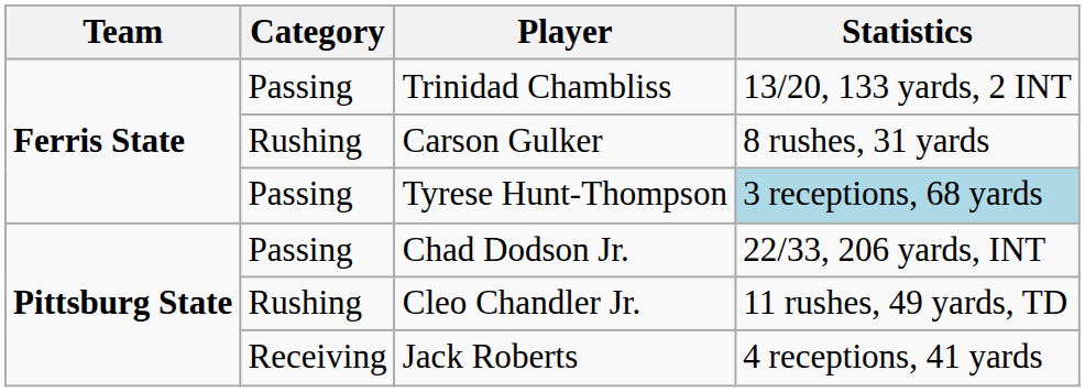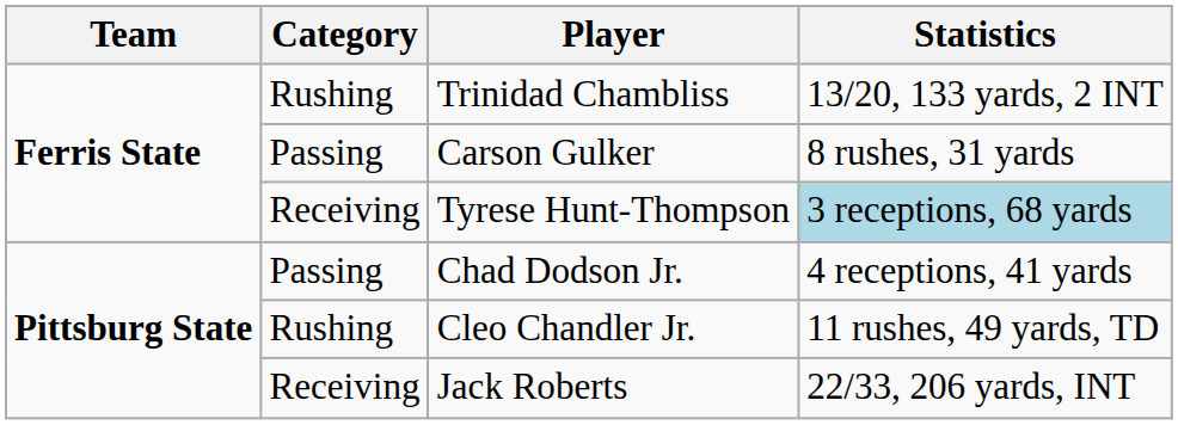 <table class="wikitable" style="float: left;">
 <tr>
 <th>Team</th>
 <th>Category</th>
 <th>Player</th>
 <th>Statistics</th>
 </tr>
 <tr>
 <td rowspan=3><strong>Ferris State</strong></td>
-<td>Passing</td>
+<td>Rushing</td>
 <td>Trinidad Chambliss</td>
 <td>13/20, 133 yards, 2 INT</td>
 </tr>
 <tr>
-<td>Rushing</td>
+<td>Passing</td>
 <td>Carson Gulker</td>
 <td>8 rushes, 31 yards</td>
 </tr>
 <tr>
-<td>Passing</td>
+<td>Receiving</td>
 <td>Tyrese Hunt-Thompson</td>
 <td style="background: lightblue;">3 receptions, 68 yards</td>
 </tr>
 <tr>
 <td rowspan=3><strong>Pittsburg State</strong></td>
 <td>Passing</td>
 <td>Chad Dodson Jr.</td>
-<td>22/33, 206 yards, INT</td>
+<td>4 receptions, 41 yards</td>
 </tr>
 <tr>
 <td>Rushing</td>
 <td>Cleo Chandler Jr.</td>
 <td>11 rushes, 49 yards, TD</td>
 </tr>
 <tr>
 <td>Receiving</td>
 <td>Jack Roberts</td>
-<td>4 receptions, 41 yards</td>
+<td>22/33, 206 yards, INT</td>
 </tr>
 </table>
